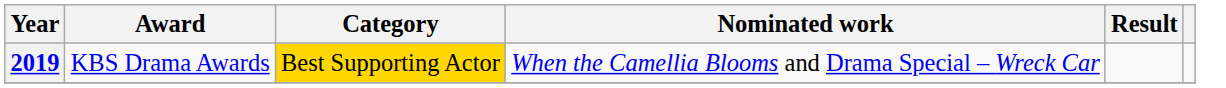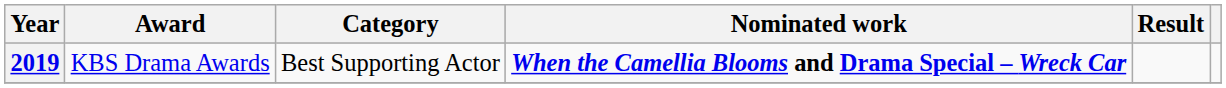 <table class="wikitable plainrowheaders">
 <tr>
 <th scope="col">Year</th>
 <th scope="col">Award</th>
 <th scope="col">Category</th>
 <th scope="col">Nominated work</th>
 <th scope="col">Result</th>
 <th scope="col" class="unsortable"></th>
 </tr>
 <tr>
 <th scope="row"><a href='#'>2019</a></th>
 <td><a href='#'>KBS Drama Awards</a></td>
-<td style="background: gold;">Best Supporting Actor</td>
-<td><em><a href='#'>When the Camellia Blooms</a></em> and <a href='#'>Drama Special – <em>Wreck Car</em></a></td>
+<td>Best Supporting Actor</td>
+<td><strong><em><a href='#'>When the Camellia Blooms</a></em> and <a href='#'>Drama Special – <em>Wreck Car</em></a></strong></td>
 <td></td>
 <td style="text-align:center"></td>
 </tr>
 <tr>
 </tr>
 </table>
